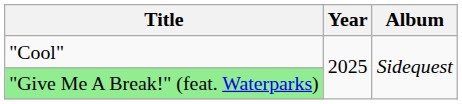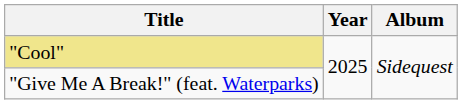 <table class="wikitable">
 <tr>
 <th>Title</th>
 <th>Year</th>
 <th>Album</th>
 </tr>
 <tr>
-<td>"Cool"</td>
+<td style="background: khaki;">"Cool"</td>
 <td rowspan="2">2025</td>
 <td rowspan="2"><em>Sidequest</em></td>
 </tr>
 <tr>
-<td style="background: lightgreen;">"Give Me A Break!" (feat. <a href='#'>Waterparks</a>)</td>
+<td>"Give Me A Break!" (feat. <a href='#'>Waterparks</a>)</td>
 </tr>
 </table>
